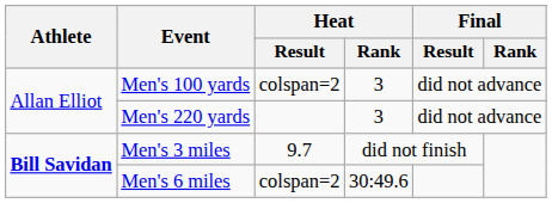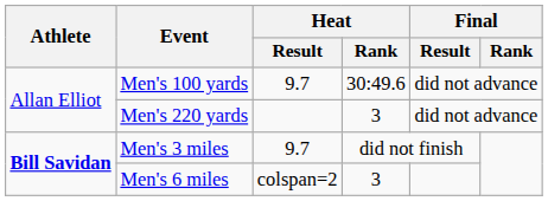 <table class=wikitable style=font-size:90%>
 <tr>
 <th rowspan=2>Athlete</th>
 <th rowspan=2>Event</th>
 <th colspan=2>Heat</th>
 <th colspan=2>Final</th>
 </tr>
 <tr style=font-size:95%>
 <th>Result</th>
 <th>Rank</th>
 <th>Result</th>
 <th>Rank</th>
 </tr>
 <tr align=center>
 <td align=left rowspan=2><a href='#'>Allan Elliot</a></td>
 <td align=left><a href='#'>Men's 100 yards</a></td>
-<td>colspan=2 </td>
-<td>3</td>
+<td>9.7</td>
+<td>30:49.6</td>
 <td colspan=2>did not advance</td>
 </tr>
 <tr align=center>
 <td align=left><a href='#'>Men's 220 yards</a></td>
 <td></td>
 <td>3</td>
 <td colspan=2>did not advance</td>
 </tr>
 <tr align=center>
 <td align=left rowspan=2><strong><a href='#'>Bill Savidan</a></strong></td>
 <td align=left><a href='#'>Men's 3 miles</a></td>
 <td>9.7</td>
 <td colspan=2>did not finish</td>
 </tr>
 <tr align=center>
 <td align=left><a href='#'>Men's 6 miles</a></td>
 <td>colspan=2 </td>
-<td>30:49.6</td>
+<td>3</td>
 <td></td>
 </tr>
 </table>
